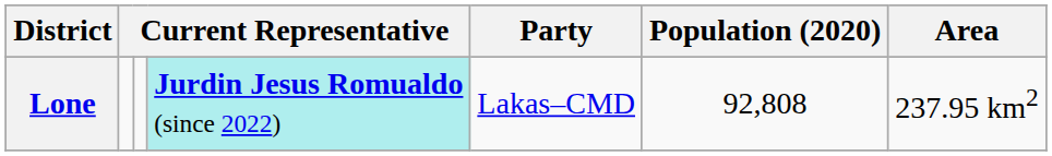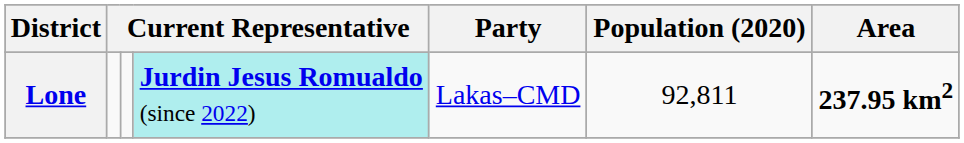 <table class="wikitable sortable" style="margin: 1em auto; font-size:100%; line-height:20px; text-align:center">
 <tr>
 <th>District</th>
 <th colspan="3">Current Representative</th>
 <th>Party</th>
 <th>Population (2020)</th>
 <th>Area</th>
 </tr>
 <tr>
 <th><a href='#'>Lone</a></th>
 <td style="background:"></td>
 <td></td>
 <td style="background: paleturquoise; text-align:left;"><strong><a href='#'>Jurdin Jesus Romualdo</a></strong><br><small>(since <a href='#'>2022</a>)</small></td>
 <td><a href='#'>Lakas–CMD</a></td>
-<td>92,808</td>
-<td>237.95 km<sup>2</sup></td>
+<td>92,811</td>
+<td><strong>237.95 km<sup>2</sup></strong></td>
 </tr>
 </table>
